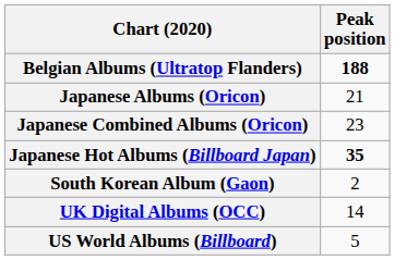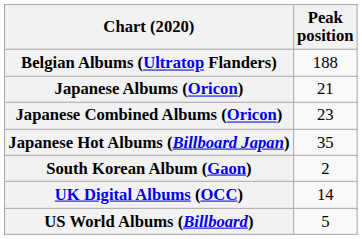 <table class="wikitable sortable plainrowheaders" style="text-align:center">
 <tr>
 <th scope="col">Chart (2020)</th>
 <th scope="col">Peak<br>position</th>
 </tr>
 <tr>
 <th scope="row">Belgian Albums (<a href='#'>Ultratop</a> Flanders)</th>
-<td><strong>188</strong></td>
+<td>188</td>
 </tr>
 <tr>
 <th scope="row">Japanese Albums (<a href='#'>Oricon</a>)</th>
 <td>21</td>
 </tr>
 <tr>
 <th scope="row">Japanese Combined Albums (<a href='#'>Oricon</a>)</th>
 <td>23</td>
 </tr>
 <tr>
 <th scope="row">Japanese Hot Albums (<em><a href='#'>Billboard Japan</a></em>)</th>
-<td><strong>35</strong></td>
+<td>35</td>
 </tr>
 <tr>
 <th scope="row">South Korean Album (<a href='#'>Gaon</a>)</th>
 <td>2</td>
 </tr>
 <tr>
 <th scope="row"><a href='#'>UK Digital Albums</a> (<a href='#'>OCC</a>)</th>
 <td>14</td>
 </tr>
 <tr>
 <th scope="row">US World Albums (<a href='#'><em>Billboard</em></a>)</th>
 <td>5</td>
 </tr>
 </table>
